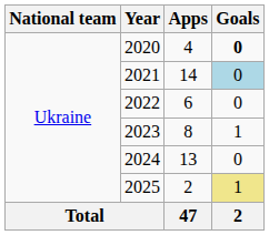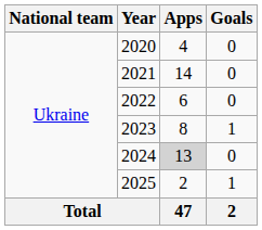 <table class="wikitable" style="text-align:center">
 <tr>
 <th>National team</th>
 <th>Year</th>
 <th>Apps</th>
 <th>Goals</th>
 </tr>
 <tr>
 <td rowspan="6"><a href='#'>Ukraine</a></td>
 <td>2020</td>
 <td>4</td>
-<td><strong>0</strong></td>
+<td>0</td>
 </tr>
 <tr>
 <td>2021</td>
 <td>14</td>
-<td style="background: lightblue;">0</td>
+<td>0</td>
 </tr>
 <tr>
 <td>2022</td>
 <td>6</td>
 <td>0</td>
 </tr>
 <tr>
 <td>2023</td>
 <td>8</td>
 <td>1</td>
 </tr>
 <tr>
 <td>2024</td>
-<td>13</td>
+<td style="background: lightgrey;">13</td>
 <td>0</td>
 </tr>
 <tr>
 <td>2025</td>
 <td>2</td>
-<td style="background: khaki;">1</td>
+<td>1</td>
 </tr>
 <tr>
 <th colspan="2">Total</th>
 <th>47</th>
 <th>2</th>
 </tr>
 </table>
